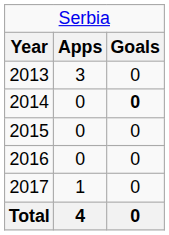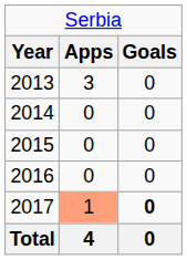 <table class="wikitable" style="text-align:center">
 <tr>
 <td colspan=3><a href='#'>Serbia</a></td>
 </tr>
 <tr>
 <th>Year</th>
 <th>Apps</th>
 <th>Goals</th>
 </tr>
 <tr>
 <td>2013</td>
 <td>3</td>
 <td>0</td>
 </tr>
 <tr>
 <td>2014</td>
 <td>0</td>
-<td><strong>0</strong></td>
+<td>0</td>
 </tr>
 <tr>
 <td>2015</td>
 <td>0</td>
 <td>0</td>
 </tr>
 <tr>
 <td>2016</td>
 <td>0</td>
 <td>0</td>
 </tr>
 <tr>
 <td>2017</td>
-<td>1</td>
-<td>0</td>
+<td style="background: lightsalmon;">1</td>
+<td><strong>0</strong></td>
 </tr>
 <tr>
 <th>Total</th>
 <th>4</th>
 <th>0</th>
 </tr>
 </table>
